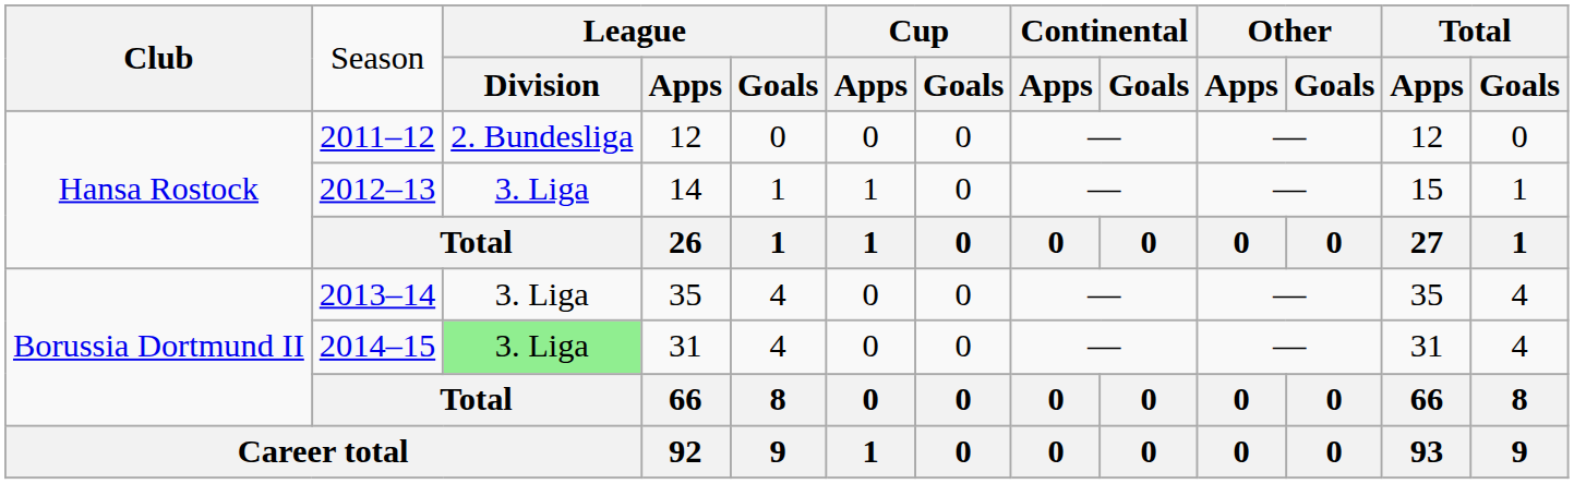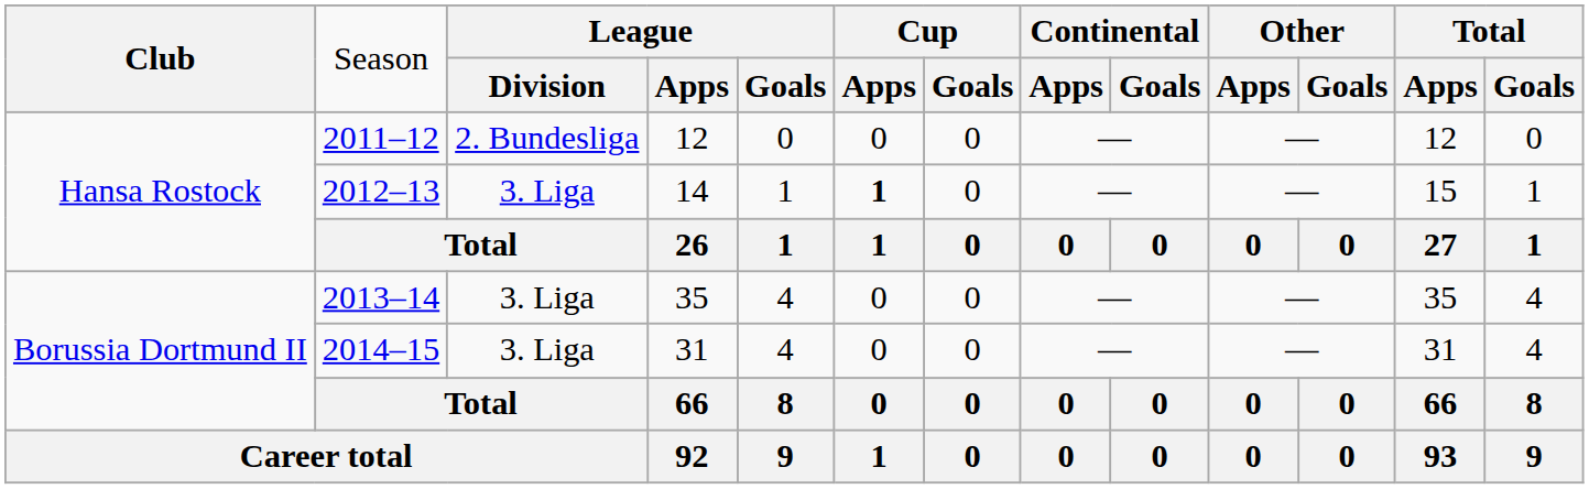 <table class="wikitable" style="text-align:center">
 <tr>
 <th rowspan="2">Club</th>
 <td rowspan="2">Season</td>
 <th colspan="3">League</th>
 <th colspan="2">Cup</th>
 <th colspan="2">Continental</th>
 <th colspan="2">Other</th>
 <th colspan="2">Total</th>
 </tr>
 <tr>
 <th>Division</th>
 <th>Apps</th>
 <th>Goals</th>
 <th>Apps</th>
 <th>Goals</th>
 <th>Apps</th>
 <th>Goals</th>
 <th>Apps</th>
 <th>Goals</th>
 <th>Apps</th>
 <th>Goals</th>
 </tr>
 <tr>
 <td rowspan="3"><a href='#'>Hansa Rostock</a></td>
 <td><a href='#'>2011–12</a></td>
 <td><a href='#'>2. Bundesliga</a></td>
 <td>12</td>
 <td>0</td>
 <td>0</td>
 <td>0</td>
 <td colspan="2">—</td>
 <td colspan="2">—</td>
 <td>12</td>
 <td>0</td>
 </tr>
 <tr>
 <td><a href='#'>2012–13</a></td>
 <td rowspan="1"><a href='#'>3. Liga</a></td>
 <td>14</td>
 <td>1</td>
-<td>1</td>
+<td><strong>1</strong></td>
 <td>0</td>
 <td colspan="2">—</td>
 <td colspan="2">—</td>
 <td>15</td>
 <td>1</td>
 </tr>
 <tr>
 <th colspan="2">Total</th>
 <th>26</th>
 <th>1</th>
 <th>1</th>
 <th>0</th>
 <th>0</th>
 <th>0</th>
 <th>0</th>
 <th>0</th>
 <th>27</th>
 <th>1</th>
 </tr>
 <tr>
 <td rowspan="3"><a href='#'>Borussia Dortmund II</a></td>
 <td><a href='#'>2013–14</a></td>
 <td>3. Liga</td>
 <td>35</td>
 <td>4</td>
 <td>0</td>
 <td>0</td>
 <td colspan="2">—</td>
 <td colspan="2">—</td>
 <td>35</td>
 <td>4</td>
 </tr>
 <tr>
 <td><a href='#'>2014–15</a></td>
-<td style="background: lightgreen;">3. Liga</td>
+<td>3. Liga</td>
 <td>31</td>
 <td>4</td>
 <td>0</td>
 <td>0</td>
 <td colspan="2">—</td>
 <td colspan="2">—</td>
 <td>31</td>
 <td>4</td>
 </tr>
 <tr>
 <th colspan="2">Total</th>
 <th>66</th>
 <th>8</th>
 <th>0</th>
 <th>0</th>
 <th>0</th>
 <th>0</th>
 <th>0</th>
 <th>0</th>
 <th>66</th>
 <th>8</th>
 </tr>
 <tr>
 <th colspan="3">Career total</th>
 <th>92</th>
 <th>9</th>
 <th>1</th>
 <th>0</th>
 <th>0</th>
 <th>0</th>
 <th>0</th>
 <th>0</th>
 <th>93</th>
 <th>9</th>
 </tr>
 </table>
